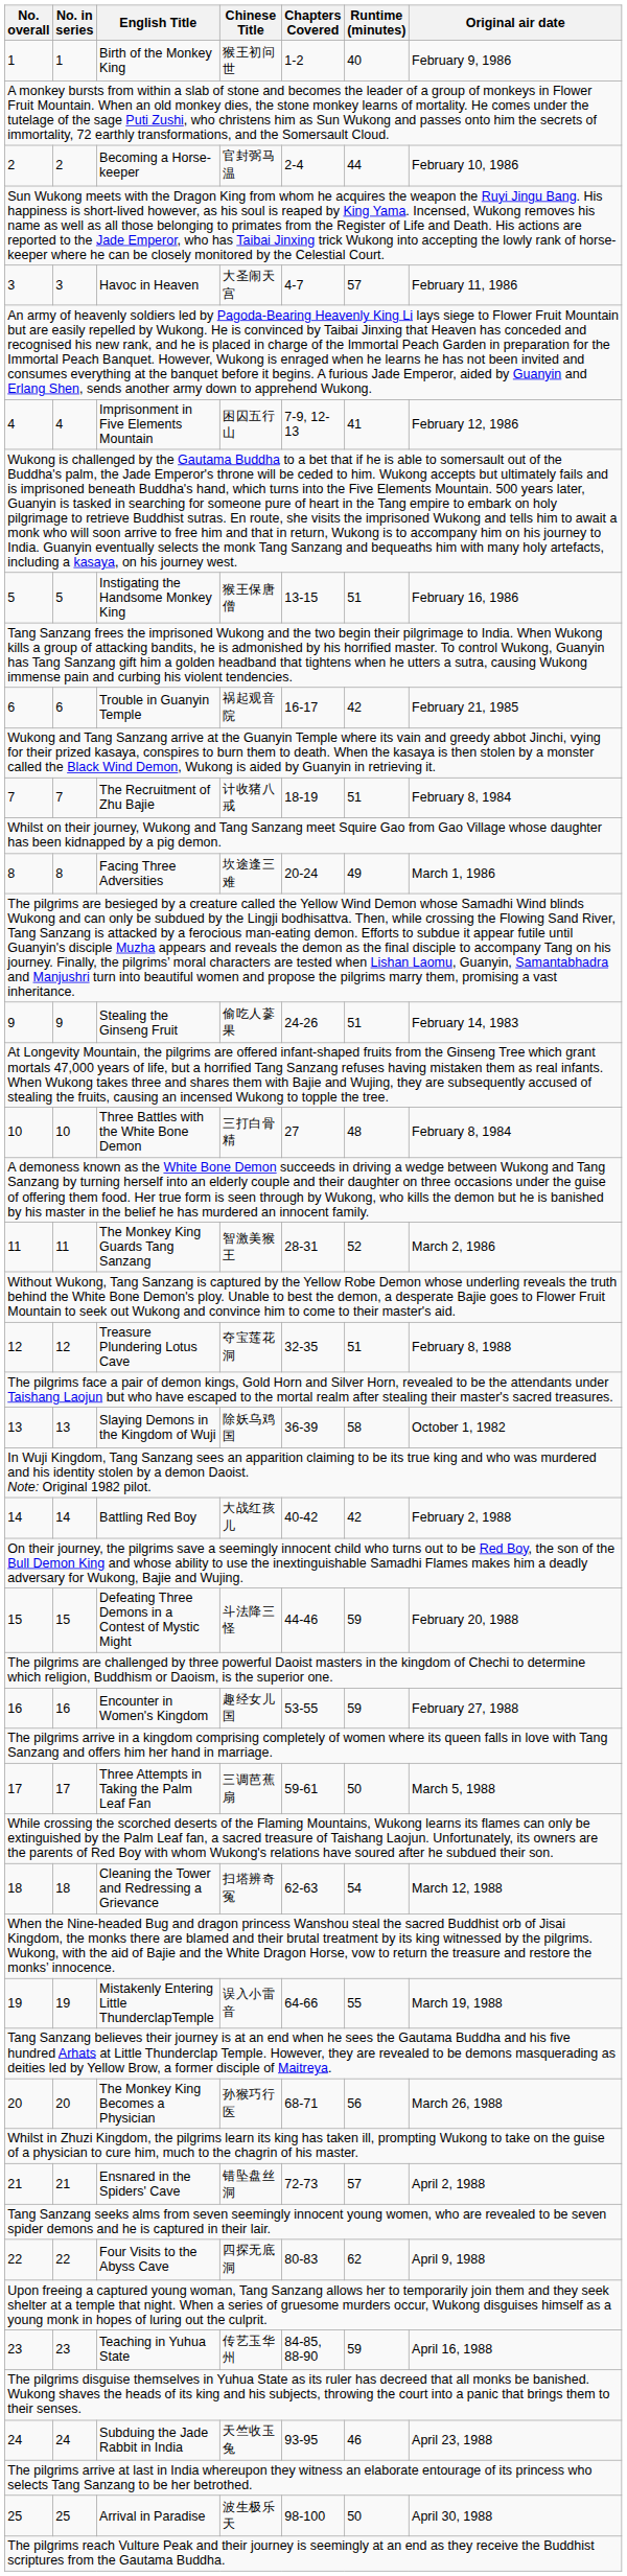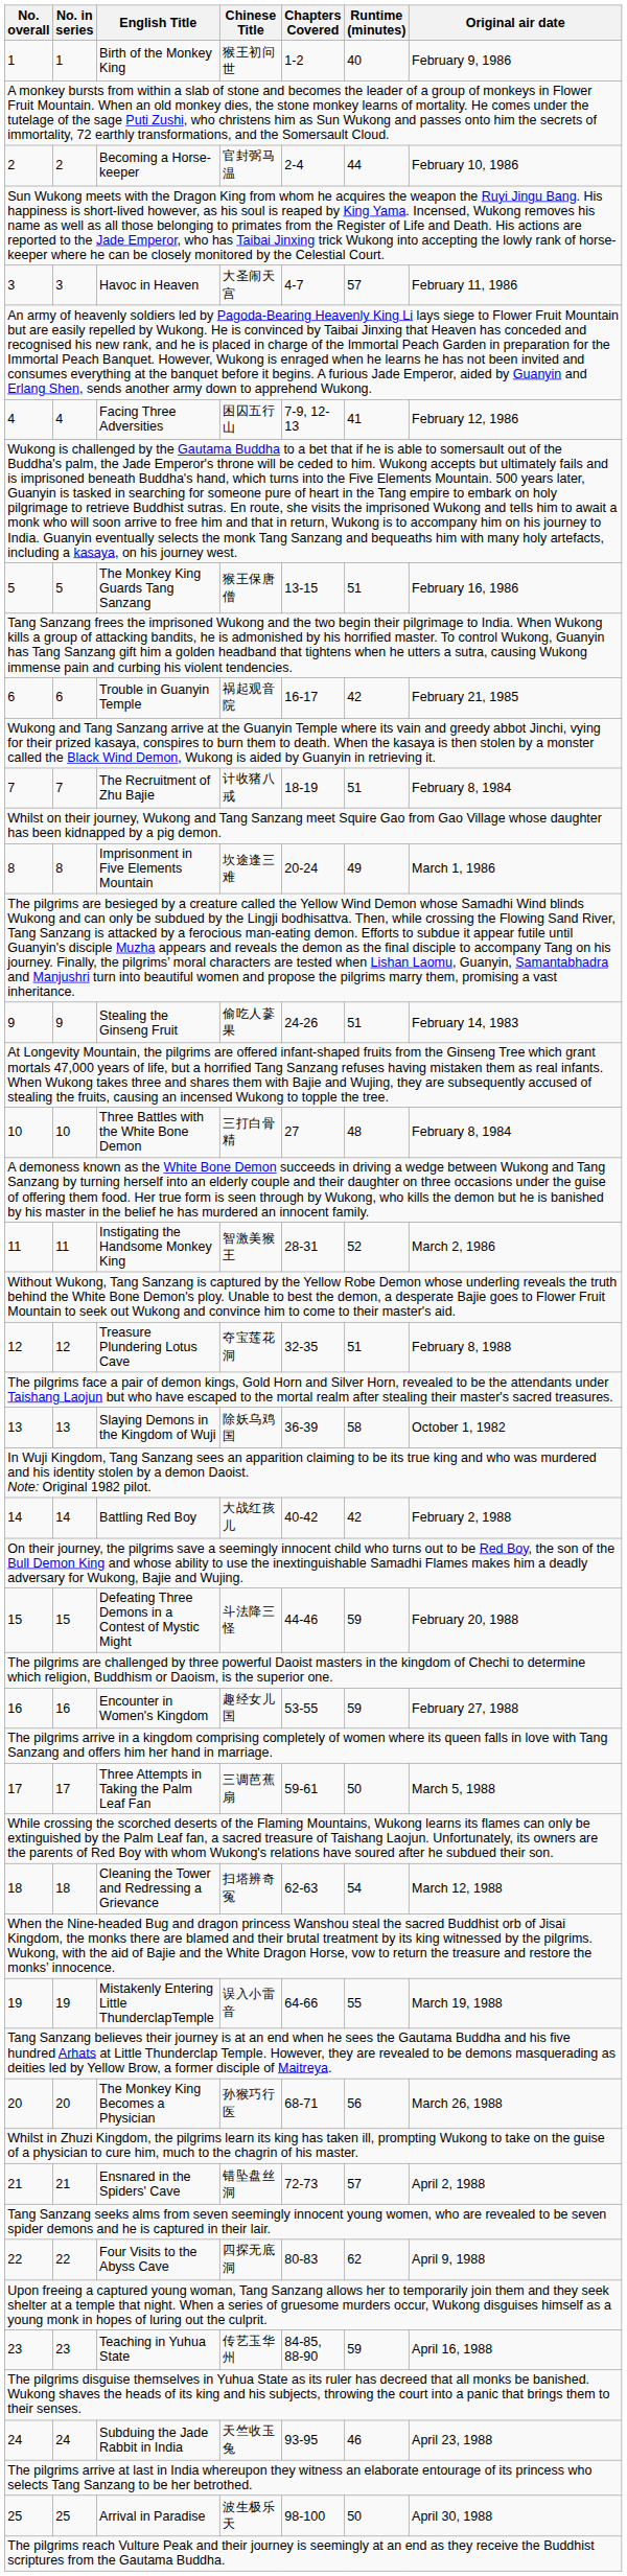 <table class="wikitable" width=60% align = "left">
 <tr>
 <th width=1%>No. overall</th>
 <th width=1%>No. in series</th>
 <th width=20%>English Title</th>
 <th width=10%>Chinese Title</th>
 <th width=10%>Chapters Covered</th>
 <th width=5%>Runtime (minutes)</th>
 <th>Original air date</th>
 </tr>
 <tr>
 <td>1</td>
 <td>1</td>
 <td>Birth of the Monkey King</td>
 <td>猴王初问世</td>
 <td>1-2</td>
 <td>40</td>
 <td>February 9, 1986</td>
 </tr>
 <tr>
 <td colspan="7">A monkey bursts from within a slab of stone and becomes the leader of a group of monkeys in Flower Fruit Mountain. When an old monkey dies, the stone monkey learns of mortality. He comes under the tutelage of the sage <a href='#'>Puti Zushi</a>, who christens him as Sun Wukong and passes onto him the secrets of immortality, 72 earthly transformations, and the Somersault Cloud.</td>
 </tr>
 <tr>
 <td>2</td>
 <td>2</td>
 <td>Becoming a Horse-keeper</td>
 <td>官封弼马温</td>
 <td>2-4</td>
 <td>44</td>
 <td>February 10, 1986</td>
 </tr>
 <tr>
 <td colspan="7">Sun Wukong meets with the Dragon King from whom he acquires the weapon the <a href='#'>Ruyi Jingu Bang</a>. His happiness is short-lived however, as his soul is reaped by <a href='#'>King Yama</a>. Incensed, Wukong removes his name as well as all those belonging to primates from the Register of Life and Death. His actions are reported to the <a href='#'>Jade Emperor</a>, who has <a href='#'>Taibai Jinxing</a> trick Wukong into accepting the lowly rank of horse-keeper where he can be closely monitored by the Celestial Court.</td>
 </tr>
 <tr>
 <td>3</td>
 <td>3</td>
 <td>Havoc in Heaven</td>
 <td>大圣闹天宫</td>
 <td>4-7</td>
 <td>57</td>
 <td>February 11, 1986</td>
 </tr>
 <tr>
 <td colspan="7">An army of heavenly soldiers led by <a href='#'>Pagoda-Bearing Heavenly King Li</a> lays siege to Flower Fruit Mountain but are easily repelled by Wukong. He is convinced by Taibai Jinxing that Heaven has conceded and recognised his new rank, and he is placed in charge of the Immortal Peach Garden in preparation for the Immortal Peach Banquet. However, Wukong is enraged when he learns he has not been invited and consumes everything at the banquet before it begins. A furious Jade Emperor, aided by <a href='#'>Guanyin</a> and <a href='#'>Erlang Shen</a>, sends another army down to apprehend Wukong.</td>
 </tr>
 <tr>
 <td>4</td>
 <td>4</td>
-<td>Imprisonment in Five Elements Mountain</td>
+<td>Facing Three Adversities</td>
 <td>困囚五行山</td>
 <td>7-9, 12-13</td>
 <td>41</td>
 <td>February 12, 1986</td>
 </tr>
 <tr>
 <td colspan="7">Wukong is challenged by the <a href='#'>Gautama Buddha</a> to a bet that if he is able to somersault out of the Buddha's palm, the Jade Emperor's throne will be ceded to him. Wukong accepts but ultimately fails and is imprisoned beneath Buddha's hand, which turns into the Five Elements Mountain. 500 years later, Guanyin is tasked in searching for someone pure of heart in the Tang empire to embark on holy pilgrimage to retrieve Buddhist sutras. En route, she visits the imprisoned Wukong and tells him to await a monk who will soon arrive to free him and that in return, Wukong is to accompany him on his journey to India. Guanyin eventually selects the monk Tang Sanzang and bequeaths him with many holy artefacts, including a <a href='#'>kasaya</a>, on his journey west.</td>
 </tr>
 <tr>
 <td>5</td>
 <td>5</td>
-<td>Instigating the Handsome Monkey King</td>
+<td>The Monkey King Guards Tang Sanzang</td>
 <td>猴王保唐僧</td>
 <td>13-15</td>
 <td>51</td>
 <td>February 16, 1986</td>
 </tr>
 <tr>
 <td colspan="7">Tang Sanzang frees the imprisoned Wukong and the two begin their pilgrimage to India. When Wukong kills a group of attacking bandits, he is admonished by his horrified master. To control Wukong, Guanyin has Tang Sanzang gift him a golden headband that tightens when he utters a sutra, causing Wukong immense pain and curbing his violent tendencies.</td>
 </tr>
 <tr>
 <td>6</td>
 <td>6</td>
 <td>Trouble in Guanyin Temple</td>
 <td>祸起观音院</td>
 <td>16-17</td>
 <td>42</td>
 <td>February 21, 1985</td>
 </tr>
 <tr>
 <td colspan="7">Wukong and Tang Sanzang arrive at the Guanyin Temple where its vain and greedy abbot Jinchi, vying for their prized kasaya, conspires to burn them to death. When the kasaya is then stolen by a monster called the <a href='#'>Black Wind Demon</a>, Wukong is aided by Guanyin in retrieving it.</td>
 </tr>
 <tr>
 <td>7</td>
 <td>7</td>
 <td>The Recruitment of Zhu Bajie</td>
 <td>计收猪八戒</td>
 <td>18-19</td>
 <td>51</td>
 <td>February 8, 1984</td>
 </tr>
 <tr>
 <td colspan="7">Whilst on their journey, Wukong and Tang Sanzang meet Squire Gao from Gao Village whose daughter has been kidnapped by a pig demon.</td>
 </tr>
 <tr>
 <td>8</td>
 <td>8</td>
-<td>Facing Three Adversities</td>
+<td>Imprisonment in Five Elements Mountain</td>
 <td>坎途逢三难</td>
 <td>20-24</td>
 <td>49</td>
 <td>March 1, 1986</td>
 </tr>
 <tr>
 <td colspan="7">The pilgrims are besieged by a creature called the Yellow Wind Demon whose Samadhi Wind blinds Wukong and can only be subdued by the Lingji bodhisattva. Then, while crossing the Flowing Sand River, Tang Sanzang is attacked by a ferocious man-eating demon. Efforts to subdue it appear futile until Guanyin's disciple <a href='#'>Muzha</a> appears and reveals the demon as the final disciple to accompany Tang on his journey. Finally, the pilgrims’ moral characters are tested when <a href='#'>Lishan Laomu</a>, Guanyin, <a href='#'>Samantabhadra</a> and <a href='#'>Manjushri</a> turn into beautiful women and propose the pilgrims marry them, promising a vast inheritance.  </td>
 </tr>
 <tr>
 <td>9</td>
 <td>9</td>
 <td>Stealing the Ginseng Fruit</td>
 <td>偷吃人蔘果</td>
 <td>24-26</td>
 <td>51</td>
 <td>February 14, 1983</td>
 </tr>
 <tr>
 <td colspan="7">At Longevity Mountain, the pilgrims are offered infant-shaped fruits from the Ginseng Tree which grant mortals 47,000 years of life, but a horrified Tang Sanzang refuses having mistaken them as real infants. When Wukong takes three and shares them with Bajie and Wujing, they are subsequently accused of stealing the fruits, causing an incensed Wukong to topple the tree.</td>
 </tr>
 <tr>
 <td>10</td>
 <td>10</td>
 <td>Three Battles with the White Bone Demon</td>
 <td>三打白骨精</td>
 <td>27</td>
 <td>48</td>
 <td>February 8, 1984</td>
 </tr>
 <tr>
 <td colspan="7">A demoness known as the <a href='#'>White Bone Demon</a> succeeds in driving a wedge between Wukong and Tang Sanzang by turning herself into an elderly couple and their daughter on three occasions under the guise of offering them food. Her true form is seen through by Wukong, who kills the demon but he is banished by his master in the belief he has murdered an innocent family.</td>
 </tr>
 <tr>
 <td>11</td>
 <td>11</td>
-<td>The Monkey King Guards Tang Sanzang</td>
+<td>Instigating the Handsome Monkey King</td>
 <td>智激美猴王</td>
 <td>28-31</td>
 <td>52</td>
 <td>March 2, 1986</td>
 </tr>
 <tr>
 <td colspan="7">Without Wukong, Tang Sanzang is captured by the Yellow Robe Demon whose underling reveals the truth behind the White Bone Demon's ploy. Unable to best the demon, a desperate Bajie goes to Flower Fruit Mountain to seek out Wukong and convince him to come to their master's aid.  </td>
 </tr>
 <tr>
 <td>12</td>
 <td>12</td>
 <td>Treasure Plundering Lotus Cave</td>
 <td>夺宝莲花洞</td>
 <td>32-35</td>
 <td>51</td>
 <td>February 8, 1988</td>
 </tr>
 <tr>
 <td colspan="7">The pilgrims face a pair of demon kings, Gold Horn and Silver Horn, revealed to be the attendants under <a href='#'>Taishang Laojun</a> but who have escaped to the mortal realm after stealing their master's sacred treasures.</td>
 </tr>
 <tr>
 <td>13</td>
 <td>13</td>
 <td>Slaying Demons in the Kingdom of Wuji</td>
 <td>除妖乌鸡国</td>
 <td>36-39</td>
 <td>58</td>
 <td>October 1, 1982</td>
 </tr>
 <tr>
 <td colspan="7">In Wuji Kingdom, Tang Sanzang sees an apparition claiming to be its true king and who was murdered and his identity stolen by a demon Daoist.<br><em>Note:</em> Original 1982 pilot.</td>
 </tr>
 <tr>
 <td>14</td>
 <td>14</td>
 <td>Battling Red Boy</td>
 <td>大战红孩儿</td>
 <td>40-42</td>
 <td>42</td>
 <td>February 2, 1988</td>
 </tr>
 <tr>
 <td colspan="7">On their journey, the pilgrims save a seemingly innocent child who turns out to be <a href='#'>Red Boy</a>, the son of the <a href='#'>Bull Demon King</a> and whose ability to use the inextinguishable Samadhi Flames makes him a deadly adversary for Wukong, Bajie and Wujing.</td>
 </tr>
 <tr>
 <td>15</td>
 <td>15</td>
 <td>Defeating Three Demons in a Contest of Mystic Might</td>
 <td>斗法降三怪</td>
 <td>44-46</td>
 <td>59</td>
 <td>February 20, 1988</td>
 </tr>
 <tr>
 <td colspan="7">The pilgrims are challenged by three powerful Daoist masters in the kingdom of Chechi to determine which religion, Buddhism or Daoism, is the superior one.</td>
 </tr>
 <tr>
 <td>16</td>
 <td>16</td>
 <td>Encounter in Women's Kingdom</td>
 <td>趣经女儿国</td>
 <td>53-55</td>
 <td>59</td>
 <td>February 27, 1988</td>
 </tr>
 <tr>
 <td colspan="7">The pilgrims arrive in a kingdom comprising completely of women where its queen falls in love with Tang Sanzang and offers him her hand in marriage.</td>
 </tr>
 <tr>
 <td>17</td>
 <td>17</td>
 <td>Three Attempts in Taking the Palm Leaf Fan</td>
 <td>三调芭蕉扇</td>
 <td>59-61</td>
 <td>50</td>
 <td>March 5, 1988</td>
 </tr>
 <tr>
 <td colspan="7">While crossing the scorched deserts of the Flaming Mountains, Wukong learns its flames can only be extinguished by the Palm Leaf fan, a sacred treasure of Taishang Laojun. Unfortunately, its owners are the parents of Red Boy with whom Wukong's relations have soured after he subdued their son.  </td>
 </tr>
 <tr>
 <td>18</td>
 <td>18</td>
 <td>Cleaning the Tower and Redressing a Grievance</td>
 <td>扫塔辨奇冤</td>
 <td>62-63</td>
 <td>54</td>
 <td>March 12, 1988</td>
 </tr>
 <tr>
 <td colspan="7">When the Nine-headed Bug and dragon princess Wanshou steal the sacred Buddhist orb of Jisai Kingdom, the monks there are blamed and their brutal treatment by its king witnessed by the pilgrims. Wukong, with the aid of Bajie and the White Dragon Horse, vow to return the treasure and restore the monks’ innocence.</td>
 </tr>
 <tr>
 <td>19</td>
 <td>19</td>
 <td>Mistakenly Entering Little ThunderclapTemple</td>
 <td>误入小雷音</td>
 <td>64-66</td>
 <td>55</td>
 <td>March 19, 1988</td>
 </tr>
 <tr>
 <td colspan="7">Tang Sanzang believes their journey is at an end when he sees the Gautama Buddha and his five hundred <a href='#'>Arhats</a> at Little Thunderclap Temple. However, they are revealed to be demons masquerading as deities led by Yellow Brow, a former disciple of <a href='#'>Maitreya</a>.</td>
 </tr>
 <tr>
 <td>20</td>
 <td>20</td>
 <td>The Monkey King Becomes a Physician</td>
 <td>孙猴巧行医</td>
 <td>68-71</td>
 <td>56</td>
 <td>March 26, 1988</td>
 </tr>
 <tr>
 <td colspan="7">Whilst in Zhuzi Kingdom, the pilgrims learn its king has taken ill, prompting Wukong to take on the guise of a physician to cure him, much to the chagrin of his master.</td>
 </tr>
 <tr>
 <td>21</td>
 <td>21</td>
 <td>Ensnared in the Spiders' Cave</td>
 <td>错坠盘丝洞</td>
 <td>72-73</td>
 <td>57</td>
 <td>April 2, 1988</td>
 </tr>
 <tr>
 <td colspan="7">Tang Sanzang seeks alms from seven seemingly innocent young women, who are revealed to be seven spider demons and he is captured in their lair.</td>
 </tr>
 <tr>
 <td>22</td>
 <td>22</td>
 <td>Four Visits to the Abyss Cave</td>
 <td>四探无底洞</td>
 <td>80-83</td>
 <td>62</td>
 <td>April 9, 1988</td>
 </tr>
 <tr>
 <td colspan="7">Upon freeing a captured young woman, Tang Sanzang allows her to temporarily join them and they seek shelter at a temple that night. When a series of gruesome murders occur, Wukong disguises himself as a young monk in hopes of luring out the culprit.</td>
 </tr>
 <tr>
 <td>23</td>
 <td>23</td>
 <td>Teaching in Yuhua State</td>
 <td>传艺玉华州</td>
 <td>84-85, 88-90</td>
 <td>59</td>
 <td>April 16, 1988</td>
 </tr>
 <tr>
 <td colspan="7">The pilgrims disguise themselves in Yuhua State as its ruler has decreed that all monks be banished. Wukong shaves the heads of its king and his subjects, throwing the court into a panic that brings them to their senses.</td>
 </tr>
 <tr>
 <td>24</td>
 <td>24</td>
 <td>Subduing the Jade Rabbit in India</td>
 <td>天竺收玉兔</td>
 <td>93-95</td>
 <td>46</td>
 <td>April 23, 1988</td>
 </tr>
 <tr>
 <td colspan="7">The pilgrims arrive at last in India whereupon they witness an elaborate entourage of its princess who selects Tang Sanzang to be her betrothed.</td>
 </tr>
 <tr>
 <td>25</td>
 <td>25</td>
 <td>Arrival in Paradise</td>
 <td>波生极乐天</td>
 <td>98-100</td>
 <td>50</td>
 <td>April 30, 1988</td>
 </tr>
 <tr>
 <td colspan="7">The pilgrims reach Vulture Peak and their journey is seemingly at an end as they receive the Buddhist scriptures from the Gautama Buddha.</td>
 </tr>
 </table>
